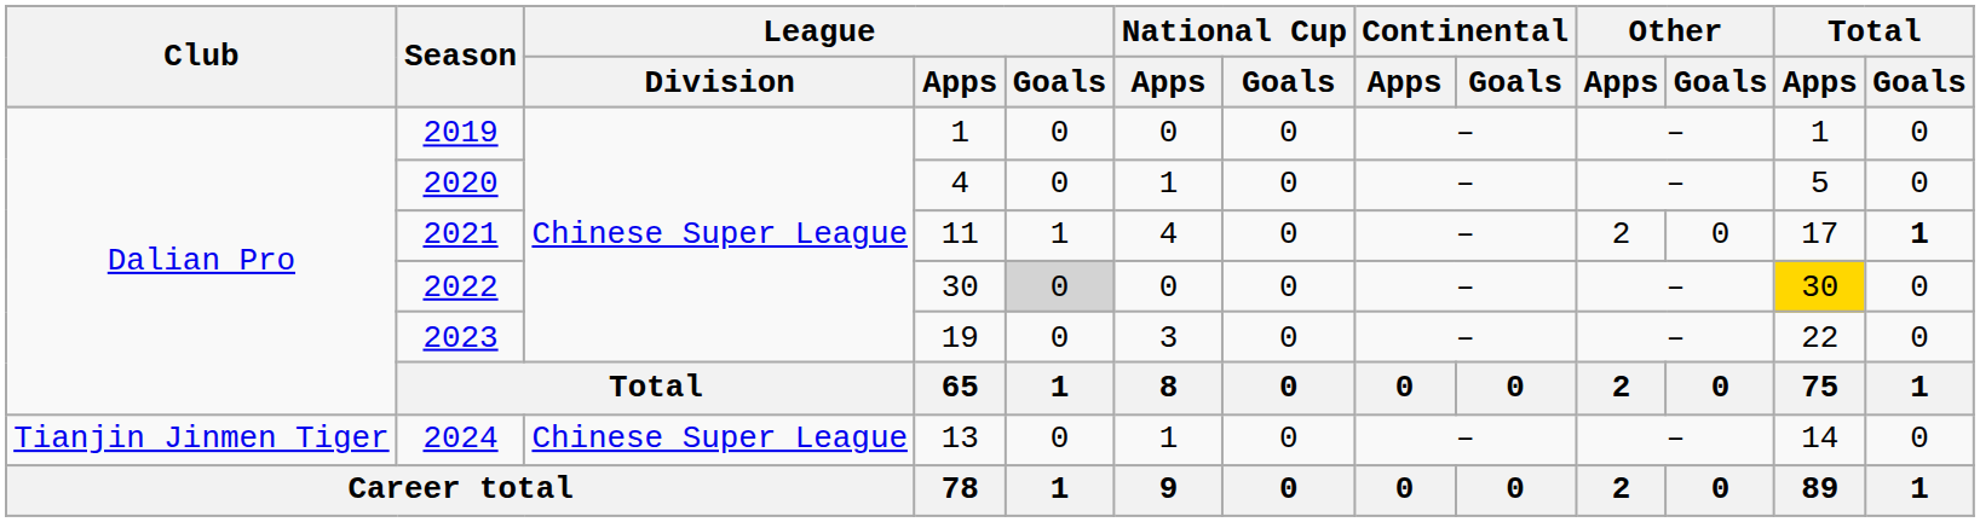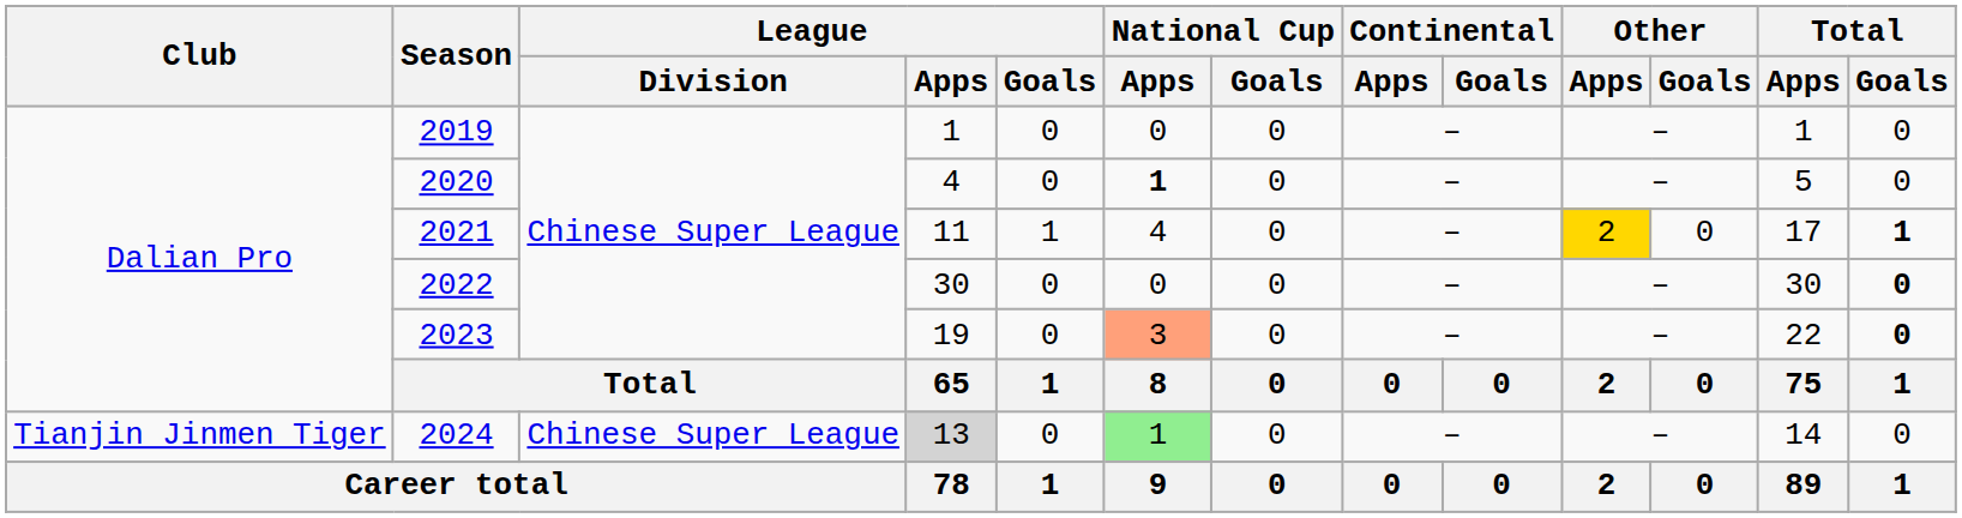 <table class="wikitable" style="text-align: center">
 <tr>
 <th rowspan="2">Club</th>
 <th rowspan="2">Season</th>
 <th colspan="3">League</th>
 <th colspan="2">National Cup</th>
 <th colspan="2">Continental</th>
 <th colspan="2">Other</th>
 <th colspan="2">Total</th>
 </tr>
 <tr>
 <th>Division</th>
 <th>Apps</th>
 <th>Goals</th>
 <th>Apps</th>
 <th>Goals</th>
 <th>Apps</th>
 <th>Goals</th>
 <th>Apps</th>
 <th>Goals</th>
 <th>Apps</th>
 <th>Goals</th>
 </tr>
 <tr>
 <td rowspan=6><a href='#'>Dalian Pro</a></td>
 <td><a href='#'>2019</a></td>
 <td rowspan=5><a href='#'>Chinese Super League</a></td>
 <td>1</td>
 <td>0</td>
 <td>0</td>
 <td>0</td>
 <td colspan="2">–</td>
 <td colspan="2">–</td>
 <td>1</td>
 <td>0</td>
 </tr>
 <tr>
 <td><a href='#'>2020</a></td>
 <td>4</td>
 <td>0</td>
-<td>1</td>
+<td><strong>1</strong></td>
 <td>0</td>
 <td colspan="2">–</td>
 <td colspan="2">–</td>
 <td>5</td>
 <td>0</td>
 </tr>
 <tr>
 <td><a href='#'>2021</a></td>
 <td>11</td>
 <td>1</td>
 <td>4</td>
 <td>0</td>
 <td colspan="2">–</td>
-<td>2</td>
+<td style="background: gold;">2</td>
 <td>0</td>
 <td>17</td>
 <td><strong>1</strong></td>
 </tr>
 <tr>
 <td><a href='#'>2022</a></td>
 <td>30</td>
-<td style="background: lightgrey;">0</td>
+<td>0</td>
 <td>0</td>
 <td>0</td>
 <td colspan="2">–</td>
 <td colspan="2">–</td>
-<td style="background: gold;">30</td>
-<td>0</td>
+<td>30</td>
+<td><strong>0</strong></td>
 </tr>
 <tr>
 <td><a href='#'>2023</a></td>
 <td>19</td>
 <td>0</td>
-<td>3</td>
+<td style="background: lightsalmon;">3</td>
 <td>0</td>
 <td colspan="2">–</td>
 <td colspan="2">–</td>
 <td>22</td>
-<td>0</td>
+<td><strong>0</strong></td>
 </tr>
 <tr>
 <th colspan=2>Total</th>
 <th>65</th>
 <th>1</th>
 <th>8</th>
 <th>0</th>
 <th>0</th>
 <th>0</th>
 <th>2</th>
 <th>0</th>
 <th>75</th>
 <th>1</th>
 </tr>
 <tr>
 <td rowspan=1><a href='#'>Tianjin Jinmen Tiger</a></td>
 <td><a href='#'>2024</a></td>
 <td rowspan=1><a href='#'>Chinese Super League</a></td>
-<td>13</td>
+<td style="background: lightgrey;">13</td>
 <td>0</td>
-<td>1</td>
+<td style="background: lightgreen;">1</td>
 <td>0</td>
 <td colspan="2">–</td>
 <td colspan="2">–</td>
 <td>14</td>
 <td>0</td>
 </tr>
 <tr>
 <th colspan=3>Career total</th>
 <th>78</th>
 <th>1</th>
 <th>9</th>
 <th>0</th>
 <th>0</th>
 <th>0</th>
 <th>2</th>
 <th>0</th>
 <th>89</th>
 <th>1</th>
 </tr>
 </table>
